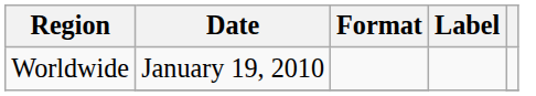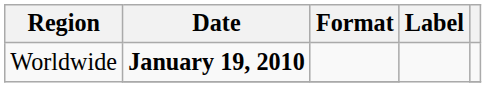 <table class="wikitable plainrowheaders">
 <tr>
 <th scope="col">Region</th>
 <th scope="col">Date</th>
 <th scope="col">Format</th>
 <th scope="col">Label</th>
 <th scope="col"></th>
 </tr>
 <tr>
 <td rowspan="2">Worldwide</td>
-<td>January 19, 2010</td>
+<td><strong>January 19, 2010</strong></td>
 <td></td>
 <td rowspan="2"></td>
 <td></td>
 </tr>
 <tr>
 </tr>
 </table>
